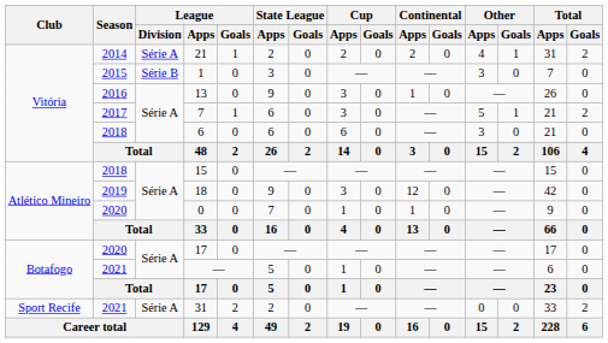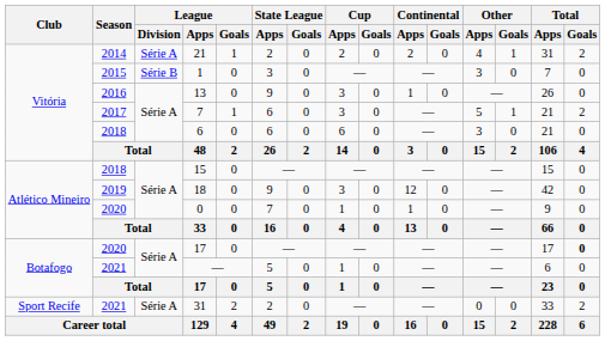 <table class="wikitable" style="text-align: center;">
 <tr>
 <th rowspan="2">Club</th>
 <th rowspan="2">Season</th>
 <th colspan="3">League</th>
 <th colspan="2">State League</th>
 <th colspan="2">Cup</th>
 <th colspan="2">Continental</th>
 <th colspan="2">Other</th>
 <th colspan="2">Total</th>
 </tr>
 <tr>
 <th>Division</th>
 <th>Apps</th>
 <th>Goals</th>
 <th>Apps</th>
 <th>Goals</th>
 <th>Apps</th>
 <th>Goals</th>
 <th>Apps</th>
 <th>Goals</th>
 <th>Apps</th>
 <th>Goals</th>
 <th>Apps</th>
 <th>Goals</th>
 </tr>
 <tr>
 <td rowspan=6 valign="center"><a href='#'>Vitória</a></td>
 <td><a href='#'>2014</a></td>
 <td><a href='#'>Série A</a></td>
 <td>21</td>
 <td>1</td>
 <td>2</td>
 <td>0</td>
 <td>2</td>
 <td>0</td>
 <td>2</td>
 <td>0</td>
 <td>4</td>
 <td>1</td>
 <td>31</td>
 <td>2</td>
 </tr>
 <tr>
 <td><a href='#'>2015</a></td>
 <td><a href='#'>Série B</a></td>
 <td>1</td>
 <td>0</td>
 <td>3</td>
 <td>0</td>
 <td colspan="2">—</td>
 <td colspan="2">—</td>
 <td>3</td>
 <td>0</td>
 <td>7</td>
 <td>0</td>
 </tr>
 <tr>
 <td><a href='#'>2016</a></td>
 <td rowspan=3>Série A</td>
 <td>13</td>
 <td>0</td>
 <td>9</td>
 <td>0</td>
 <td>3</td>
 <td>0</td>
 <td>1</td>
 <td>0</td>
 <td colspan="2">—</td>
 <td>26</td>
 <td>0</td>
 </tr>
 <tr>
 <td><a href='#'>2017</a></td>
 <td>7</td>
 <td>1</td>
 <td>6</td>
 <td>0</td>
 <td>3</td>
 <td>0</td>
 <td colspan="2">—</td>
 <td>5</td>
 <td>1</td>
 <td>21</td>
 <td>2</td>
 </tr>
 <tr>
 <td><a href='#'>2018</a></td>
 <td>6</td>
 <td>0</td>
 <td>6</td>
 <td>0</td>
 <td>6</td>
 <td>0</td>
 <td colspan="2">—</td>
 <td>3</td>
 <td>0</td>
 <td>21</td>
 <td>0</td>
 </tr>
 <tr>
 <th colspan="2">Total</th>
 <th>48</th>
 <th>2</th>
 <th>26</th>
 <th>2</th>
 <th>14</th>
 <th>0</th>
 <th>3</th>
 <th>0</th>
 <th>15</th>
 <th>2</th>
 <th>106</th>
 <th>4</th>
 </tr>
 <tr>
 <td rowspan=4 valign="center"><a href='#'>Atlético Mineiro</a></td>
 <td><a href='#'>2018</a></td>
 <td rowspan=3>Série A</td>
 <td>15</td>
 <td>0</td>
 <td colspan="2">—</td>
 <td colspan="2">—</td>
 <td colspan="2">—</td>
 <td colspan="2">—</td>
 <td>15</td>
 <td>0</td>
 </tr>
 <tr>
 <td><a href='#'>2019</a></td>
 <td>18</td>
 <td>0</td>
 <td>9</td>
 <td>0</td>
 <td>3</td>
 <td>0</td>
 <td>12</td>
 <td>0</td>
 <td colspan="2">—</td>
 <td>42</td>
 <td>0</td>
 </tr>
 <tr>
 <td><a href='#'>2020</a></td>
 <td>0</td>
 <td>0</td>
 <td>7</td>
 <td>0</td>
 <td>1</td>
 <td>0</td>
 <td>1</td>
 <td>0</td>
 <td colspan="2">—</td>
 <td>9</td>
 <td>0</td>
 </tr>
 <tr>
 <th colspan="2">Total</th>
 <th>33</th>
 <th>0</th>
 <th>16</th>
 <th>0</th>
 <th>4</th>
 <th>0</th>
 <th>13</th>
 <th>0</th>
 <th colspan="2">—</th>
 <th>66</th>
 <th>0</th>
 </tr>
 <tr>
 <td rowspan=3 valign="center"><a href='#'>Botafogo</a></td>
 <td><a href='#'>2020</a></td>
 <td rowspan=2>Série A</td>
 <td>17</td>
 <td>0</td>
 <td colspan="2">—</td>
 <td colspan="2">—</td>
 <td colspan="2">—</td>
 <td colspan="2">—</td>
 <td>17</td>
-<td>0</td>
+<td><strong>0</strong></td>
 </tr>
 <tr>
 <td><a href='#'>2021</a></td>
 <td colspan="2">—</td>
 <td>5</td>
 <td>0</td>
 <td>1</td>
 <td>0</td>
 <td colspan="2">—</td>
 <td colspan="2">—</td>
 <td>6</td>
 <td>0</td>
 </tr>
 <tr>
 <th colspan="2">Total</th>
 <th>17</th>
 <th>0</th>
 <th>5</th>
 <th>0</th>
 <th>1</th>
 <th>0</th>
 <th colspan="2">—</th>
 <th colspan="2">—</th>
 <th>23</th>
 <th>0</th>
 </tr>
 <tr>
 <td rowspan=1 valign="center"><a href='#'>Sport Recife</a></td>
 <td><a href='#'>2021</a></td>
 <td rowspan=1>Série A</td>
 <td>31</td>
 <td>2</td>
 <td>2</td>
 <td>0</td>
 <td colspan="2">—</td>
 <td colspan="2">—</td>
 <td>0</td>
 <td>0</td>
 <td>33</td>
 <td>2</td>
 </tr>
 <tr>
 <th colspan="3"><strong>Career total</strong></th>
 <th>129</th>
 <th>4</th>
 <th>49</th>
 <th>2</th>
 <th>19</th>
 <th>0</th>
 <th>16</th>
 <th>0</th>
 <th>15</th>
 <th>2</th>
 <th>228</th>
 <th>6</th>
 </tr>
 </table>
